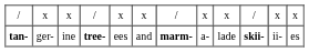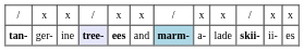 <table border=1 cellspacing=0 cellpadding=5>
 <tr>
 <td style="text-align: center;">/</td>
 <td style="text-align: center;">x</td>
 <td style="text-align: center;">x</td>
 <td style="text-align: center;">/</td>
 <td style="text-align: center;">x</td>
 <td style="text-align: center;">x</td>
 <td style="text-align: center;">/</td>
 <td style="text-align: center;">x</td>
 <td style="text-align: center;">x</td>
 <td style="text-align: center;">/</td>
 <td style="text-align: center;">x</td>
 <td style="text-align: center;">x</td>
 </tr>
 <tr>
 <td><strong>tan-</strong></td>
 <td>ger-</td>
 <td>ine</td>
-<td><strong>tree-</strong></td>
-<td>ees</td>
+<td style="background: lavender;"><strong>tree-</strong></td>
+<td><strong>ees</strong></td>
 <td>and</td>
-<td><strong>marm-</strong></td>
+<td style="background: lightblue;"><strong>marm-</strong></td>
 <td>a-</td>
 <td>lade</td>
 <td><strong>skii-</strong></td>
 <td>ii-</td>
 <td>es</td>
 </tr>
 </table>
